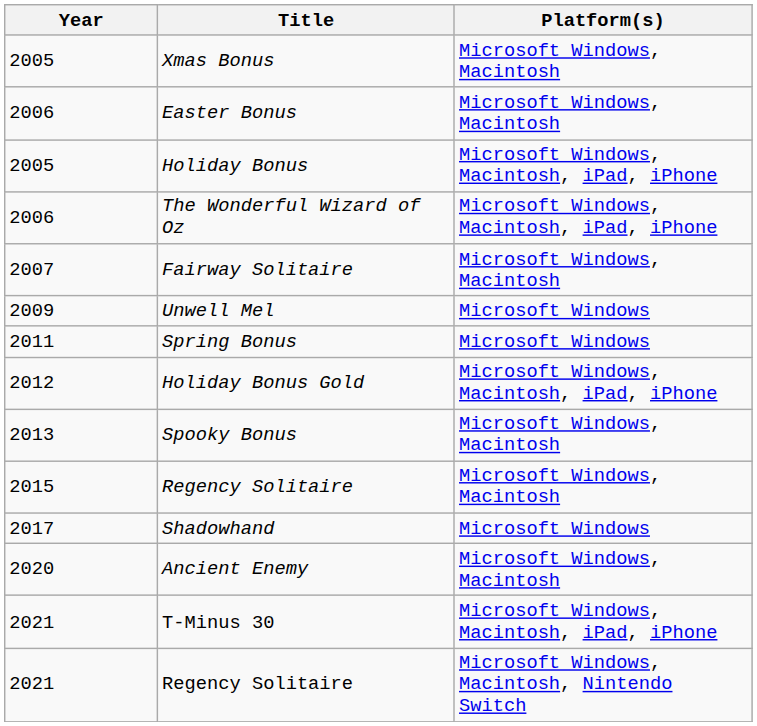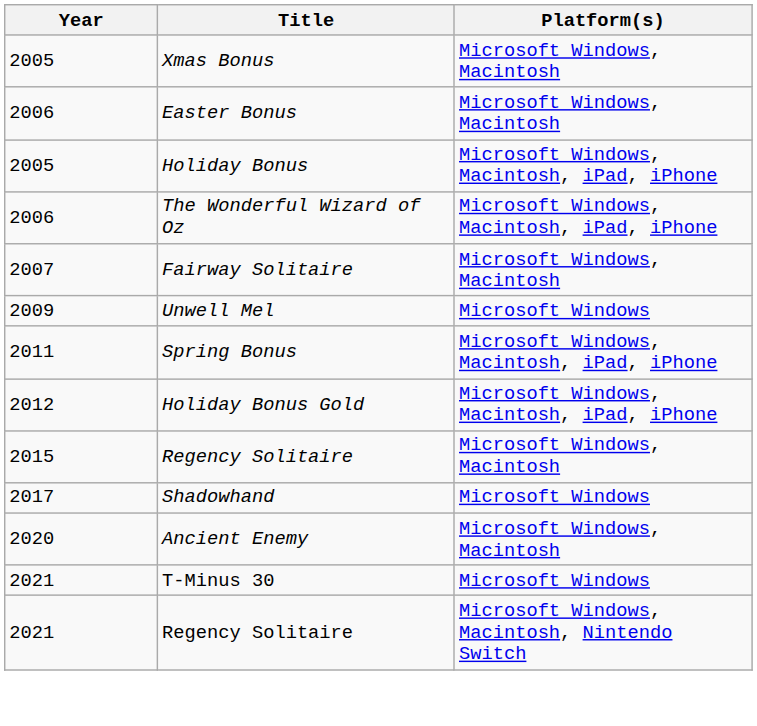 <table class="wikitable">
 <tr>
 <th width=100>Year</th>
 <th width=200>Title</th>
 <th width=200>Platform(s)</th>
 </tr>
 <tr>
 <td>2005</td>
 <td><em>Xmas Bonus</em></td>
 <td><a href='#'>Microsoft Windows</a>, <a href='#'>Macintosh</a></td>
 </tr>
 <tr>
 <td>2006</td>
 <td><em>Easter Bonus</em></td>
 <td><a href='#'>Microsoft Windows</a>, <a href='#'>Macintosh</a></td>
 </tr>
 <tr>
 <td>2005</td>
 <td><em>Holiday Bonus</em></td>
 <td><a href='#'>Microsoft Windows</a>, <a href='#'>Macintosh</a>, <a href='#'>iPad</a>, <a href='#'>iPhone</a></td>
 </tr>
 <tr>
 <td>2006</td>
 <td><em>The Wonderful Wizard of Oz</em></td>
 <td><a href='#'>Microsoft Windows</a>, <a href='#'>Macintosh</a>, <a href='#'>iPad</a>, <a href='#'>iPhone</a></td>
 </tr>
 <tr>
 <td>2007</td>
 <td><em>Fairway Solitaire</em></td>
 <td><a href='#'>Microsoft Windows</a>, <a href='#'>Macintosh</a></td>
 </tr>
 <tr>
 <td>2009</td>
 <td><em>Unwell Mel</em></td>
 <td><a href='#'>Microsoft Windows</a></td>
 </tr>
 <tr>
 <td>2011</td>
 <td><em>Spring Bonus</em></td>
-<td><a href='#'>Microsoft Windows</a></td>
+<td><a href='#'>Microsoft Windows</a>, <a href='#'>Macintosh</a>, <a href='#'>iPad</a>, <a href='#'>iPhone</a></td>
 </tr>
 <tr>
 <td>2012</td>
 <td><em>Holiday Bonus Gold</em></td>
 <td><a href='#'>Microsoft Windows</a>, <a href='#'>Macintosh</a>, <a href='#'>iPad</a>, <a href='#'>iPhone</a></td>
-</tr>
-<tr>
-<td>2013</td>
-<td><em>Spooky Bonus</em></td>
-<td><a href='#'>Microsoft Windows</a>, <a href='#'>Macintosh</a></td>
 </tr>
 <tr>
 <td>2015</td>
 <td><em>Regency Solitaire</em></td>
 <td><a href='#'>Microsoft Windows</a>, <a href='#'>Macintosh</a></td>
 </tr>
 <tr>
 <td>2017</td>
 <td><em>Shadowhand</em></td>
 <td><a href='#'>Microsoft Windows</a></td>
 </tr>
 <tr>
 <td>2020</td>
 <td><em>Ancient Enemy</em></td>
 <td><a href='#'>Microsoft Windows</a>, <a href='#'>Macintosh</a></td>
 </tr>
 <tr>
 <td>2021</td>
 <td>T-Minus 30</td>
-<td><a href='#'>Microsoft Windows</a>, <a href='#'>Macintosh</a>, <a href='#'>iPad</a>, <a href='#'>iPhone</a></td>
+<td><a href='#'>Microsoft Windows</a></td>
 </tr>
 <tr>
 <td>2021</td>
 <td>Regency Solitaire</td>
 <td><a href='#'>Microsoft Windows</a>, <a href='#'>Macintosh</a>, <a href='#'>Nintendo Switch</a></td>
 </tr>
 </table>
